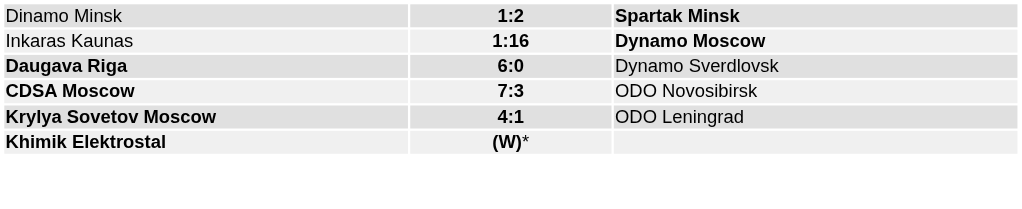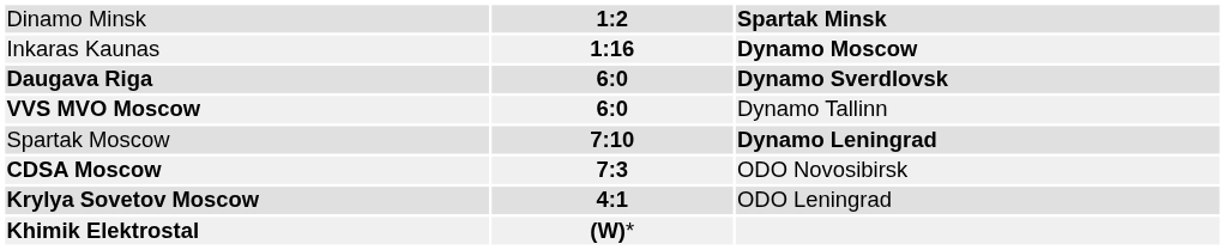 <table width="70%">
 <tr bgcolor="#e0e0e0">
 <td style="width:40%;">Dinamo Minsk</td>
 <th style="width:20%;"><strong>1:2</strong></th>
 <td style="width:40%;"><strong>Spartak Minsk</strong></td>
 </tr>
 <tr bgcolor="#f0f0f0">
 <td>Inkaras Kaunas</td>
 <th><strong>1:16</strong></th>
 <td><strong>Dynamo Moscow</strong></td>
 </tr>
 <tr bgcolor="#e0e0e0">
 <td><strong>Daugava Riga</strong></td>
 <th><strong>6:0</strong></th>
-<td>Dynamo Sverdlovsk</td>
+<td><strong>Dynamo Sverdlovsk</strong></td>
+</tr>
+<tr bgcolor="#f0f0f0">
+<td><strong>VVS MVO Moscow</strong></td>
+<td align="center"><strong>6:0</strong></td>
+<td>Dynamo Tallinn</td>
+</tr>
+<tr bgcolor="#e0e0e0">
+<td>Spartak Moscow</td>
+<td align="center"><strong>7:10</strong></td>
+<td><strong>Dynamo Leningrad</strong></td>
 </tr>
 <tr bgcolor="#f0f0f0">
 <td><strong>CDSA Moscow</strong></td>
 <td align="center"><strong>7:3</strong></td>
 <td>ODO Novosibirsk</td>
 </tr>
 <tr bgcolor="#e0e0e0">
 <td><strong>Krylya Sovetov Moscow</strong></td>
 <td align="center"><strong>4:1</strong></td>
 <td>ODO Leningrad</td>
 </tr>
 <tr bgcolor="#f0f0f0">
 <td><strong>Khimik Elektrostal</strong></td>
 <td align="center"><strong>(W)</strong>*</td>
 <td></td>
 </tr>
 </table>
